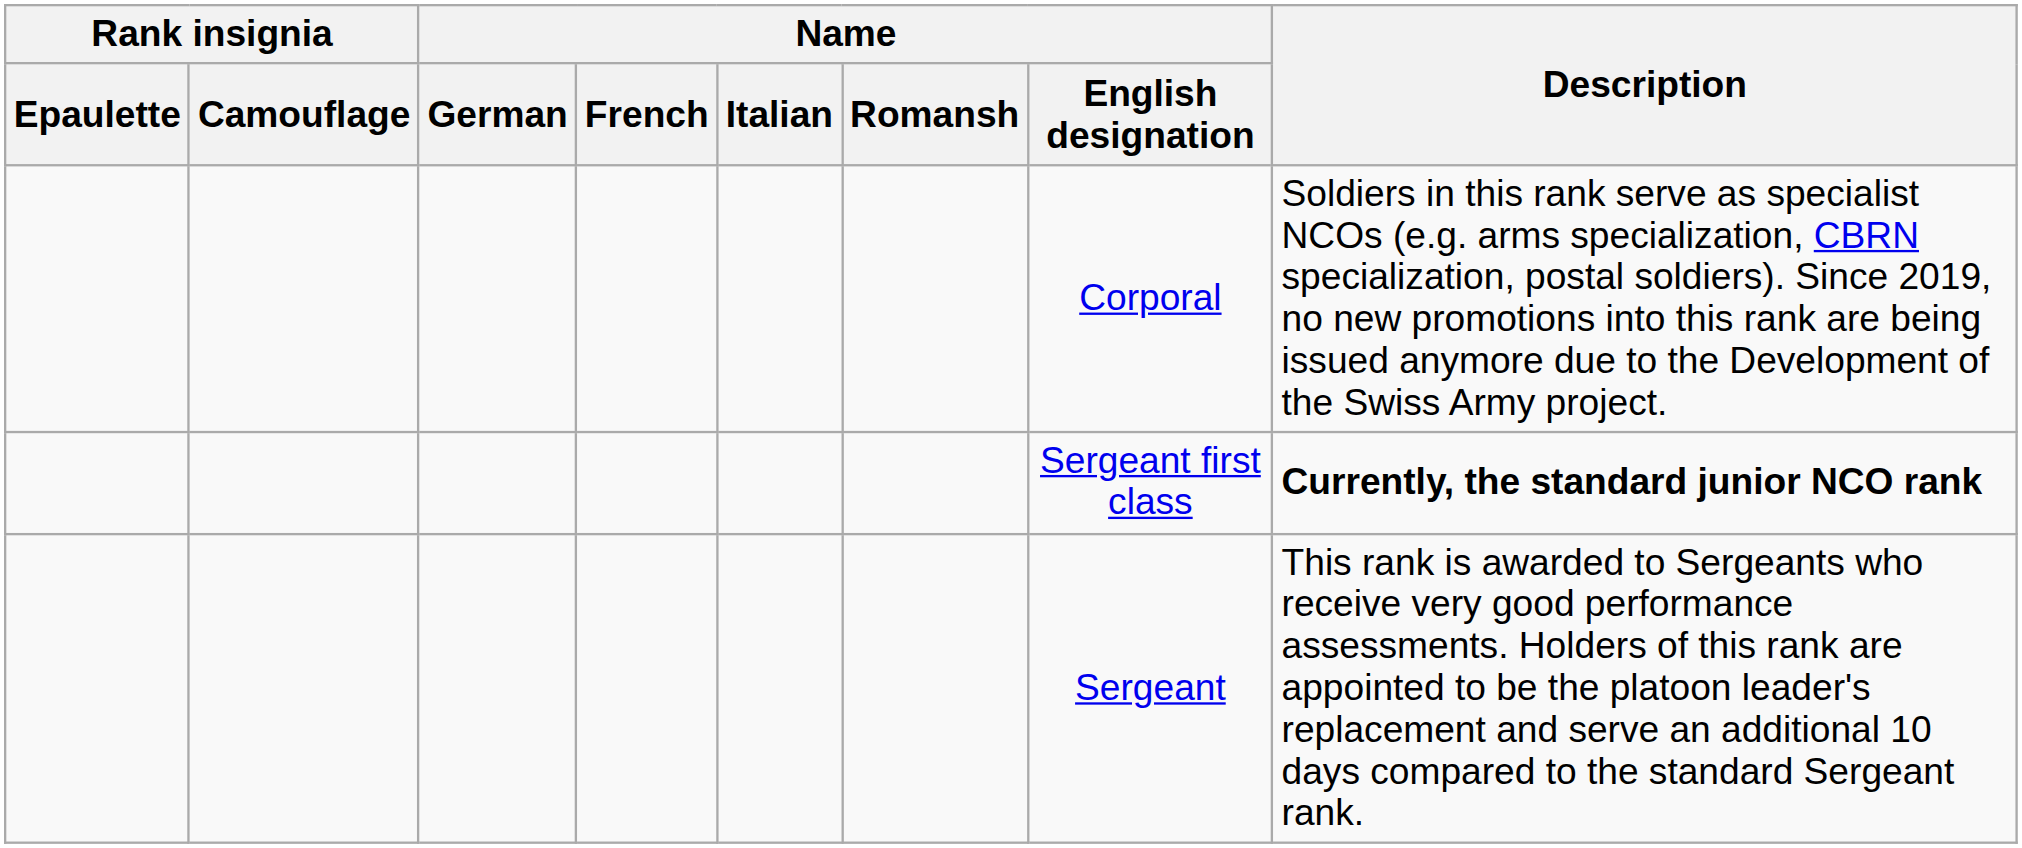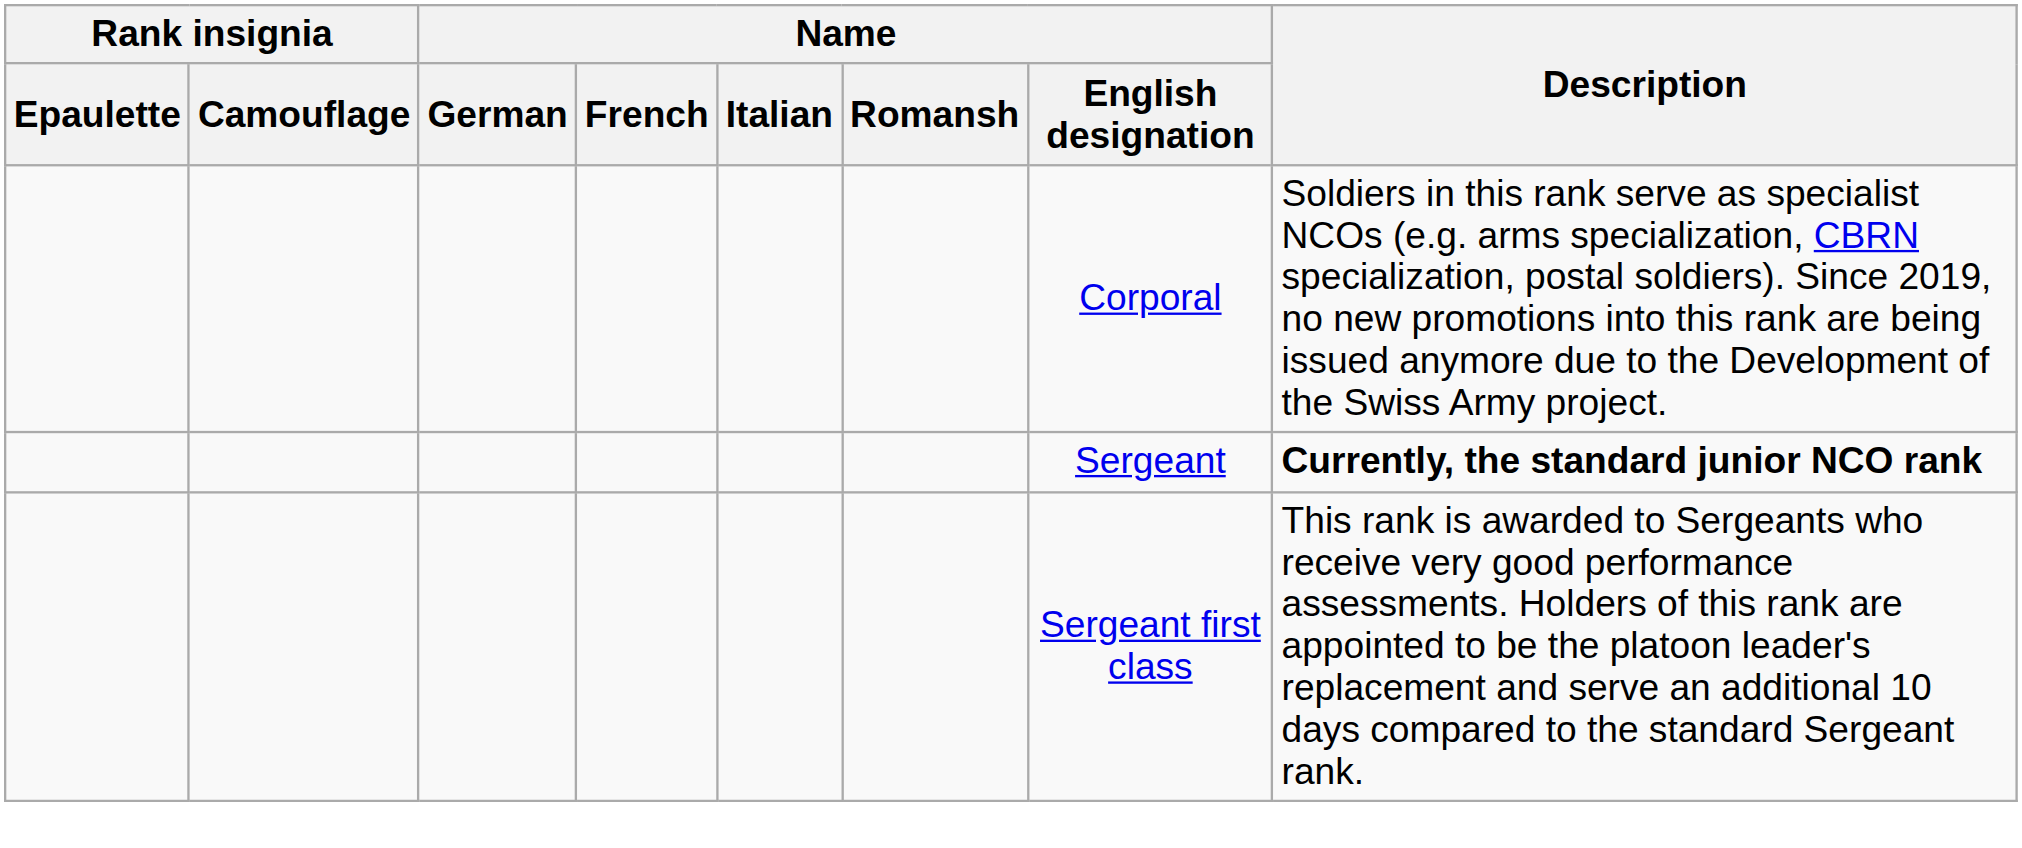 <table class="wikitable" style="text-align:center;">
 <tr>
 <th colspan=2>Rank insignia</th>
 <th colspan=5>Name</th>
 <th rowspan=2>Description</th>
 </tr>
 <tr>
 <th>Epaulette</th>
 <th>Camouflage</th>
 <th>German</th>
 <th>French</th>
 <th>Italian</th>
 <th>Romansh<br></th>
 <th>English designation</th>
 </tr>
 <tr>
 <td></td>
 <td></td>
 <td><br></td>
 <td><br></td>
 <td><br></td>
 <td><br></td>
 <td><a href='#'>Corporal</a></td>
 <td style="text-align:left;">Soldiers in this rank serve as specialist NCOs (e.g. arms specialization, <a href='#'>CBRN</a> specialization, postal soldiers). Since 2019, no new promotions into this rank are being issued anymore due to the Development of the Swiss Army project.</td>
 </tr>
 <tr>
 <td></td>
 <td></td>
 <td><br></td>
 <td><br></td>
 <td><br></td>
 <td><br></td>
-<td><a href='#'>Sergeant first class</a></td>
+<td><a href='#'>Sergeant</a></td>
 <td style="text-align:left;"><strong>Currently, the standard junior NCO rank</strong></td>
 </tr>
 <tr>
 <td></td>
 <td></td>
 <td><br></td>
 <td><br></td>
 <td><br></td>
 <td><br></td>
-<td><a href='#'>Sergeant</a></td>
+<td><a href='#'>Sergeant first class</a></td>
 <td style="text-align:left;">This rank is awarded to Sergeants who receive very good performance assessments. Holders of this rank are appointed to be the platoon leader's replacement and serve an additional 10 days compared to the standard Sergeant rank.</td>
 </tr>
 </table>
